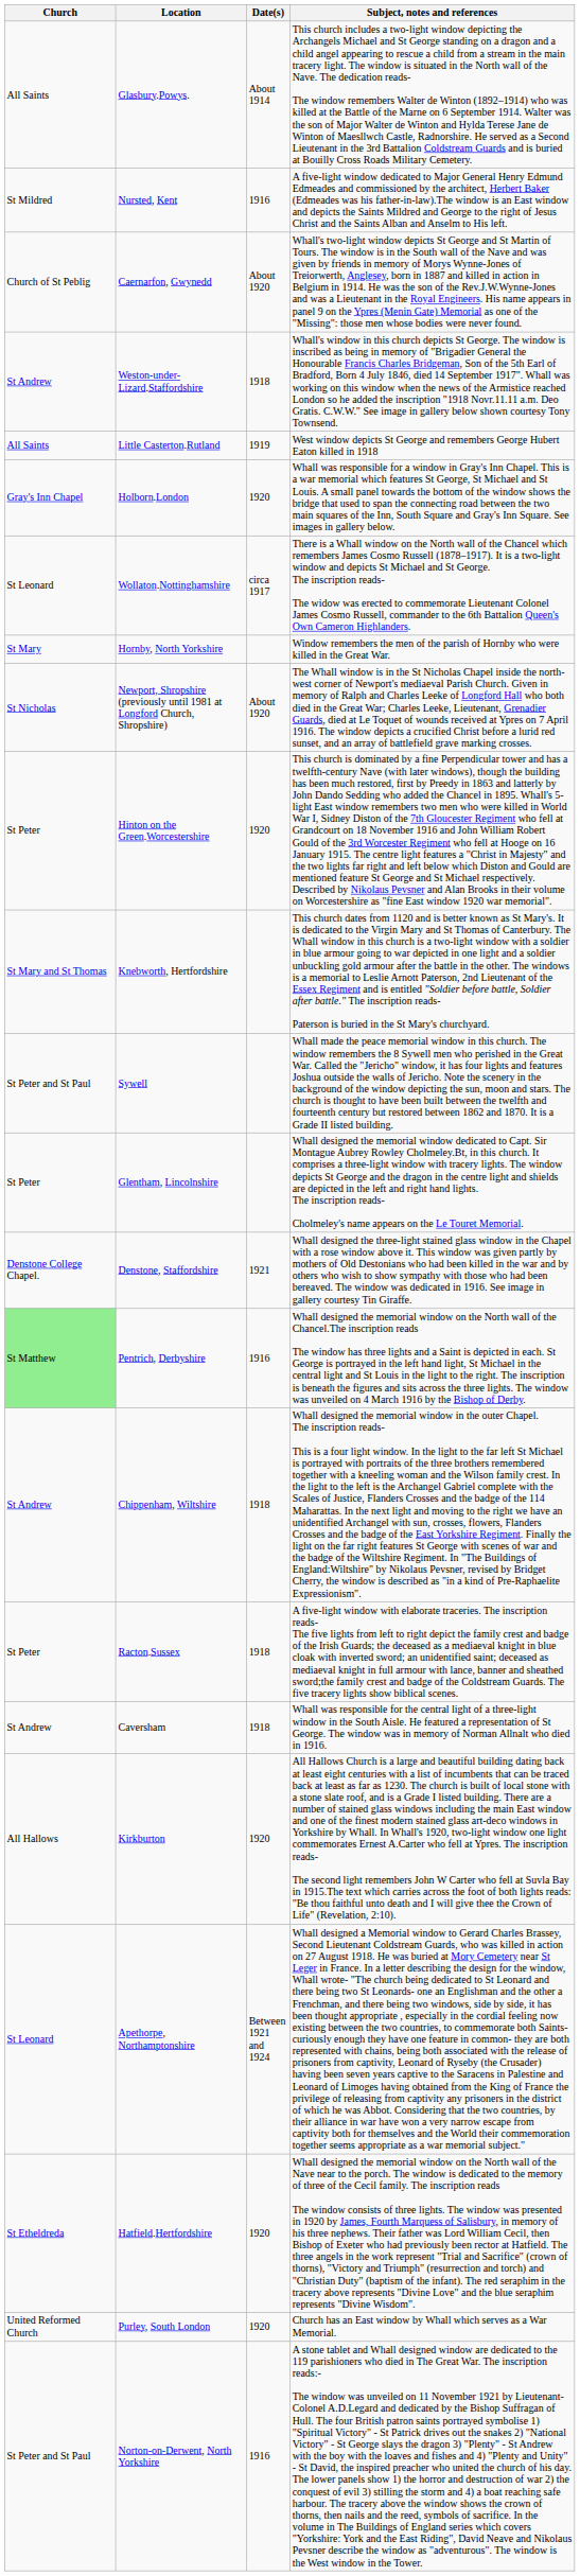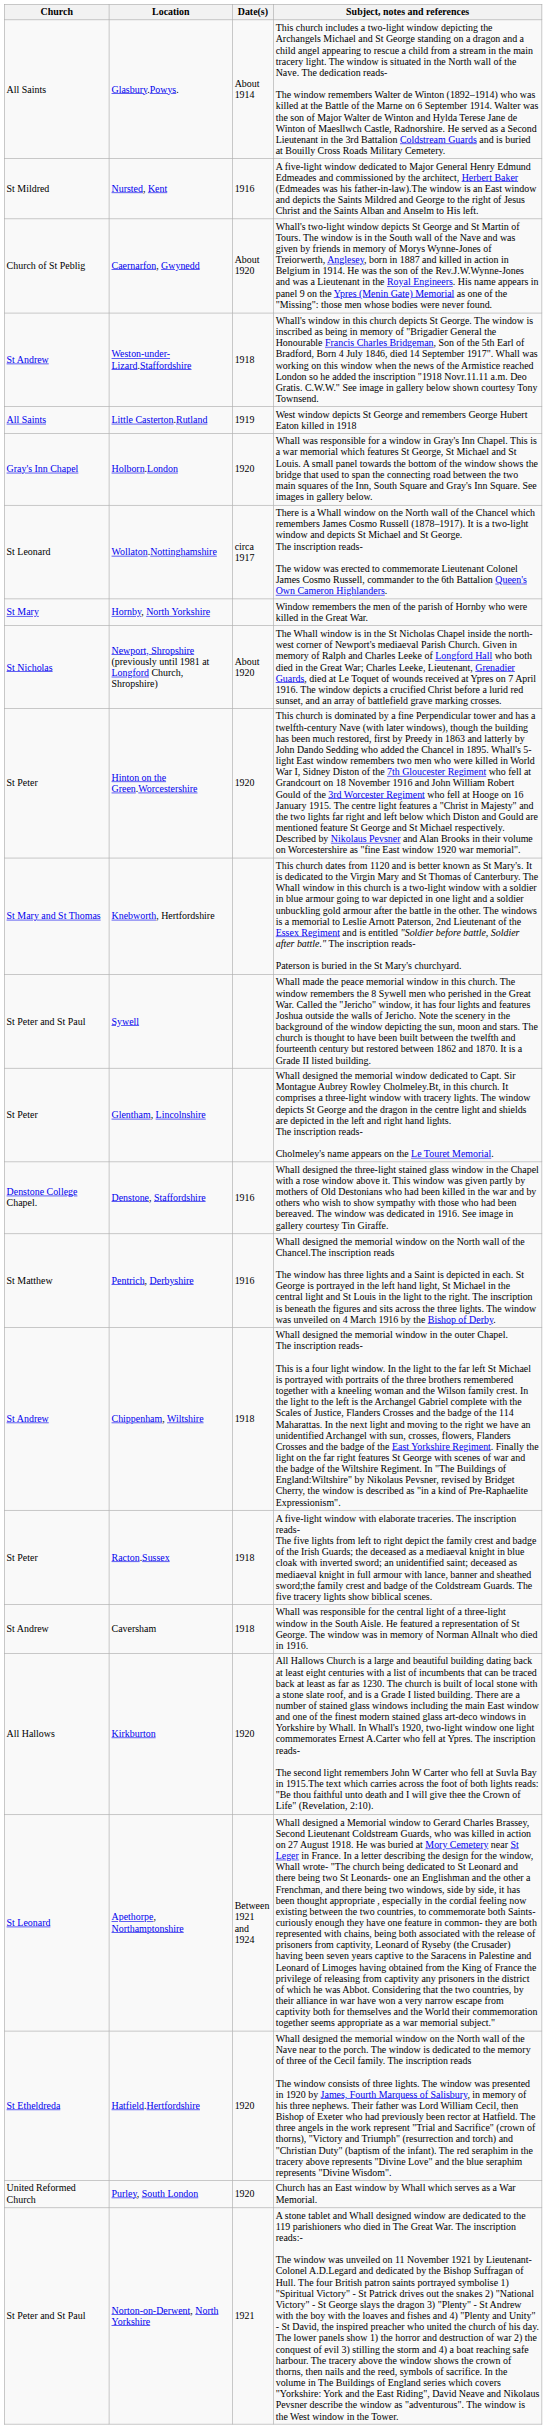 <table class="wikitable sortable">
 <tr>
 <th style="width:200px">Church</th>
 <th style="width:200px">Location</th>
 <th style="width:60px">Date(s)</th>
 <th style="width:550px" class="unsortable">Subject, notes and references</th>
 </tr>
 <tr>
 <td>All Saints</td>
 <td><a href='#'>Glasbury</a>.<a href='#'>Powys</a>.</td>
 <td>About 1914</td>
 <td>This church includes a two-light window depicting the Archangels Michael and St George standing on a dragon and a child angel appearing to rescue a child from a stream in the main tracery light. The window is situated in the North wall of the Nave. The dedication reads-<br><br>The window remembers  Walter de Winton (1892–1914) who was killed at the Battle of the Marne on 6 September 1914. Walter was the son of Major Walter de Winton and Hylda Terese Jane de Winton of Maesllwch Castle, Radnorshire. He served as a Second Lieutenant in the 3rd Battalion <a href='#'>Coldstream Guards</a> and is buried at Bouilly Cross Roads Military Cemetery. </td>
 </tr>
 <tr>
 <td>St Mildred</td>
 <td><a href='#'>Nursted</a>, <a href='#'>Kent</a></td>
 <td>1916</td>
 <td>A five-light window dedicated to Major General Henry Edmund Edmeades and commissioned by the architect, <a href='#'>Herbert Baker</a> (Edmeades was his father-in-law).The window is an East window and depicts the Saints Mildred and George to the right of Jesus Christ and the Saints Alban and Anselm to His left.</td>
 </tr>
 <tr>
 <td>Church of St Peblig</td>
 <td><a href='#'>Caernarfon</a>, <a href='#'>Gwynedd</a></td>
 <td>About 1920</td>
 <td>Whall's two-light window depicts St George and St Martin of Tours. The window is in the South wall of the Nave and was given by friends in memory of Morys Wynne-Jones of Treiorwerth, <a href='#'>Anglesey</a>, born in 1887 and killed in action in Belgium in 1914. He was the son of the Rev.J.W.Wynne-Jones and was a Lieutenant in the <a href='#'>Royal Engineers</a>. His name appears in panel 9 on the <a href='#'>Ypres (Menin Gate) Memorial</a> as one of the "Missing": those men whose bodies were never found.<br></td>
 </tr>
 <tr>
 <td><a href='#'>St Andrew</a></td>
 <td><a href='#'>Weston-under-Lizard</a>.<a href='#'>Staffordshire</a></td>
 <td>1918</td>
 <td>Whall's window in this church depicts St George. The window is inscribed as being in memory of "Brigadier General the Honourable <a href='#'>Francis Charles Bridgeman</a>, Son of the 5th Earl of Bradford, Born 4 July 1846, died 14 September 1917".  Whall was working on this window when the news of the Armistice reached London so he added the inscription "1918 Novr.11.11 a.m. Deo Gratis. C.W.W." See image in gallery below shown courtesy Tony Townsend.</td>
 </tr>
 <tr>
 <td><a href='#'>All Saints</a></td>
 <td><a href='#'>Little Casterton</a>.<a href='#'>Rutland</a></td>
 <td>1919</td>
 <td>West window depicts St George and remembers George Hubert Eaton killed in 1918</td>
 </tr>
 <tr>
 <td><a href='#'>Gray's Inn Chapel</a></td>
 <td><a href='#'>Holborn</a>.<a href='#'>London</a></td>
 <td>1920</td>
 <td>Whall was responsible for a window in Gray's Inn Chapel. This is a war memorial which features St George, St Michael and St Louis. A small panel towards the bottom of the window shows the bridge that used to span the connecting road between the two main squares of the Inn, South Square and Gray's Inn Square. See images in gallery below.</td>
 </tr>
 <tr>
 <td>St Leonard</td>
 <td><a href='#'>Wollaton</a>.<a href='#'>Nottinghamshire</a></td>
 <td>circa 1917</td>
 <td>There is a Whall window on the North wall of the Chancel which remembers James Cosmo Russell (1878–1917). It is a two-light window and depicts St Michael and St George.<br>The inscription reads-<br><br>The widow was erected to commemorate Lieutenant Colonel James Cosmo Russell, commander to the 6th Battalion <a href='#'>Queen's Own Cameron Highlanders</a>.</td>
 </tr>
 <tr>
 <td><a href='#'>St Mary</a></td>
 <td><a href='#'>Hornby</a>, <a href='#'>North Yorkshire</a></td>
 <td></td>
 <td>Window remembers the men of the parish of Hornby who were killed in the Great War.</td>
 </tr>
 <tr>
 <td><a href='#'>St Nicholas</a></td>
 <td><a href='#'>Newport, Shropshire</a> (previously until 1981 at <a href='#'>Longford</a> Church, Shropshire)</td>
 <td>About 1920</td>
 <td>The Whall window is in the St Nicholas Chapel inside the north-west corner of Newport's mediaeval Parish Church. Given in memory of Ralph and Charles Leeke of <a href='#'>Longford Hall</a> who both died in the Great War; Charles Leeke, Lieutenant, <a href='#'>Grenadier Guards</a>, died at Le Toquet of wounds received at Ypres on 7 April 1916. The window depicts a crucified Christ before a lurid red sunset, and an array of battlefield grave marking crosses.</td>
 </tr>
 <tr>
 <td>St Peter</td>
 <td><a href='#'>Hinton on the Green</a>.<a href='#'>Worcestershire</a></td>
 <td>1920</td>
 <td>This church is dominated by a fine Perpendicular tower and has a twelfth-century Nave (with later windows), though the building has been much restored, first by Preedy in 1863 and latterly by John Dando Sedding who added the Chancel in 1895.  Whall's 5-light East window remembers two men who were killed in World War I,  Sidney Diston of the <a href='#'>7th Gloucester Regiment</a> who fell at Grandcourt on 18 November 1916 and John William Robert Gould of the <a href='#'>3rd Worcester Regiment</a> who fell at Hooge on 16 January 1915. The centre light features a "Christ in Majesty" and the two lights far right and left below which Diston and Gould are mentioned feature St George and St Michael respectively. Described by <a href='#'>Nikolaus Pevsner</a> and Alan Brooks in their volume on Worcestershire as "fine East window 1920 war memorial".</td>
 </tr>
 <tr>
 <td><a href='#'>St Mary and St Thomas</a></td>
 <td><a href='#'>Knebworth</a>, Hertfordshire</td>
 <td></td>
 <td>This church dates from 1120 and is better known as St Mary's. It is dedicated to the Virgin Mary and St Thomas of Canterbury. The Whall window in this church is a two-light window with a soldier in blue armour going to war depicted in one light and a soldier unbuckling gold armour after the battle in the other. The windows is a memorial to Leslie Arnott Paterson, 2nd Lieutenant of the <a href='#'>Essex Regiment</a> and is entitled <em>"Soldier before battle, Soldier after battle."</em>  The inscription reads-<br><br>Paterson is buried in the St Mary's churchyard.</td>
 </tr>
 <tr>
 <td>St Peter and St Paul</td>
 <td><a href='#'>Sywell</a></td>
 <td></td>
 <td>Whall made the peace memorial window in this church. The window remembers the 8 Sywell men who perished in the Great War. Called the "Jericho" window, it has four lights and features Joshua outside the walls of Jericho. Note the scenery in the background of the window depicting the sun, moon and stars. The church is thought to have been built between the twelfth and fourteenth century but restored between 1862 and 1870. It is a Grade II listed building.</td>
 </tr>
 <tr>
 <td>St Peter</td>
 <td><a href='#'>Glentham</a>, <a href='#'>Lincolnshire</a></td>
 <td></td>
 <td>Whall designed the memorial window dedicated to Capt. Sir Montague Aubrey Rowley Cholmeley.Bt, in this church. It comprises a three-light window with tracery lights. The window depicts St George and the dragon in the centre light and shields are depicted in the left and right hand lights.<br>The inscription reads-<br><br>Cholmeley's name appears on the <a href='#'>Le Touret Memorial</a>.</td>
 </tr>
 <tr>
 <td><a href='#'>Denstone College</a> Chapel.</td>
 <td><a href='#'>Denstone</a>, <a href='#'>Staffordshire</a></td>
-<td>1921</td>
+<td>1916</td>
 <td>Whall designed the three-light stained glass window in the Chapel with a rose window above it.  This window was given partly by mothers of Old Destonians who had been killed in the war and by others who wish to show sympathy with those who had been bereaved.  The window was dedicated in 1916. See image in gallery courtesy Tin Giraffe.</td>
 </tr>
 <tr>
-<td style="background: lightgreen;">St Matthew</td>
+<td>St Matthew</td>
 <td><a href='#'>Pentrich</a>, <a href='#'>Derbyshire</a></td>
 <td>1916</td>
 <td>Whall designed the memorial window on the North wall of the Chancel.The inscription reads<br><br>The window has three lights and a Saint is depicted in each. St George is portrayed in the left hand light, St Michael in the central light and St Louis in the light to the right. The inscription is beneath the figures and sits across the three lights. The window was unveiled on 4 March 1916 by the <a href='#'>Bishop of Derby</a>.</td>
 </tr>
 <tr>
 <td><a href='#'>St Andrew</a></td>
 <td><a href='#'>Chippenham</a>, <a href='#'>Wiltshire</a></td>
 <td>1918</td>
 <td>Whall designed the memorial window in the outer Chapel.<br>The inscription reads-<br><br>This is a four light window. In the light to the far left St Michael is portrayed with portraits of the three brothers remembered together with a kneeling woman and the Wilson family crest. In the light to the left is the Archangel Gabriel complete with the Scales of Justice, Flanders Crosses and the badge of the 114 Maharattas. In the next light and moving to the right we have an unidentified Archangel with sun, crosses, flowers, Flanders Crosses and the badge of the <a href='#'>East Yorkshire Regiment</a>. Finally the light on the far right features St George with scenes of war and the badge of the Wiltshire Regiment. In "The Buildings of England:Wiltshire" by Nikolaus Pevsner, revised by Bridget Cherry, the window is described as "in a kind of Pre-Raphaelite Expressionism". </td>
 </tr>
 <tr>
 <td>St Peter</td>
 <td><a href='#'>Racton</a>.<a href='#'>Sussex</a></td>
 <td>1918</td>
 <td>A five-light window with elaborate traceries.  The inscription reads-<br>The five lights from left to right depict the family crest and badge of the Irish Guards; the deceased as a mediaeval knight in blue cloak with inverted sword; an unidentified saint; deceased as mediaeval knight in full armour with lance, banner and sheathed sword;the family crest and badge of the Coldstream Guards. The five tracery lights show biblical scenes. </td>
 </tr>
 <tr>
 <td>St Andrew</td>
 <td>Caversham</td>
 <td>1918</td>
 <td>Whall was responsible for the central light of a three-light window in the South Aisle. He featured a representation of St George. The window was in memory of Norman Allnalt who died in 1916.<br></td>
 </tr>
 <tr>
 <td>All Hallows</td>
 <td><a href='#'>Kirkburton</a></td>
 <td>1920</td>
 <td>All Hallows Church is a large and beautiful building dating back at least eight centuries with a list of incumbents that can be traced back at least as far as 1230. The church is built of local stone with a stone slate roof, and is a Grade I listed building. There are a number of stained glass windows including the main East window and one of the finest modern stained glass art-deco windows in Yorkshire by Whall. In Whall's 1920, two-light window one light commemorates Ernest A.Carter who fell at Ypres. The inscription reads-<br><br>The second light remembers John W Carter who fell at Suvla Bay in 1915.The text which carries across the foot of both lights reads: "Be thou faithful unto death and I will give thee the Crown of Life" (Revelation, 2:10).</td>
 </tr>
 <tr>
 <td><a href='#'>St Leonard</a></td>
 <td><a href='#'>Apethorpe</a>, <a href='#'>Northamptonshire</a></td>
 <td>Between 1921 and 1924</td>
 <td>Whall designed a Memorial window to Gerard Charles Brassey, Second Lieutenant Coldstream Guards, who was killed in action on 27 August 1918. He was buried at <a href='#'>Mory Cemetery</a> near <a href='#'>St Leger</a> in France. In a letter describing the design for the window, Whall wrote- "The church being dedicated to St Leonard and there being two St Leonards- one an Englishman and the other a Frenchman, and there being two windows, side by side, it has been thought appropriate , especially in the cordial feeling now existing between the two countries, to commemorate both Saints-curiously enough they have one feature in common- they are both represented with chains, being both associated with the release of prisoners from captivity, Leonard of Ryseby (the Crusader) having been seven years captive to the Saracens in Palestine and Leonard of Limoges having obtained from the King of France the privilege of releasing from captivity any prisoners in the district of which he was Abbot. Considering that the two countries, by their alliance in war have won a very narrow escape from captivity both for themselves and the World their commemoration together seems appropriate as a war memorial subject."</td>
 </tr>
 <tr>
 <td><a href='#'>St Etheldreda</a></td>
 <td><a href='#'>Hatfield</a>.<a href='#'>Hertfordshire</a></td>
 <td>1920</td>
 <td>Whall designed the memorial window on the North wall of the Nave near to the porch. The window is dedicated to the memory of three of the Cecil family. The inscription reads<br><br>The window consists of three lights. The window was presented in 1920 by <a href='#'>James, Fourth Marquess of Salisbury</a>, in memory of his three nephews. Their father was Lord William Cecil, then Bishop of Exeter who had previously been rector at Hatfield. The three angels in the work represent "Trial and Sacrifice" (crown of thorns), "Victory and Triumph" (resurrection and torch) and "Christian Duty" (baptism of the infant). The red seraphim in the tracery above represents "Divine Love" and the blue seraphim represents "Divine Wisdom". </td>
 </tr>
 <tr>
 <td>United Reformed Church</td>
 <td><a href='#'>Purley</a>, <a href='#'>South London</a></td>
 <td>1920</td>
 <td>Church has an East window by Whall which serves as a War Memorial.</td>
 </tr>
 <tr>
 <td>St Peter and St Paul</td>
 <td><a href='#'>Norton-on-Derwent</a>, <a href='#'>North Yorkshire</a></td>
-<td>1916</td>
+<td>1921</td>
 <td>A stone tablet and Whall designed window are dedicated to the 119 parishioners who died in The Great War. The inscription reads:-<br><br>The window was unveiled on 11 November 1921 by Lieutenant-Colonel A.D.Legard and dedicated by the Bishop Suffragan of Hull. The four British patron saints portrayed symbolise 1) "Spiritual Victory" - St Patrick drives out the snakes 2) "National Victory" - St George slays the dragon 3) "Plenty" - St Andrew with the boy with the loaves and fishes and 4) "Plenty and Unity" - St David, the inspired preacher who united the church of his day. The lower panels show 1) the horror and destruction of war 2) the conquest of evil 3) stilling the storm and 4) a boat reaching safe harbour. The tracery above the window shows the crown of thorns, then nails and the reed, symbols of sacrifice. In the volume in The Buildings of England series which covers "Yorkshire: York and the East Riding", David Neave and Nikolaus Pevsner describe the window as "adventurous".  The window is the West window in the Tower.</td>
 </tr>
 </table>
